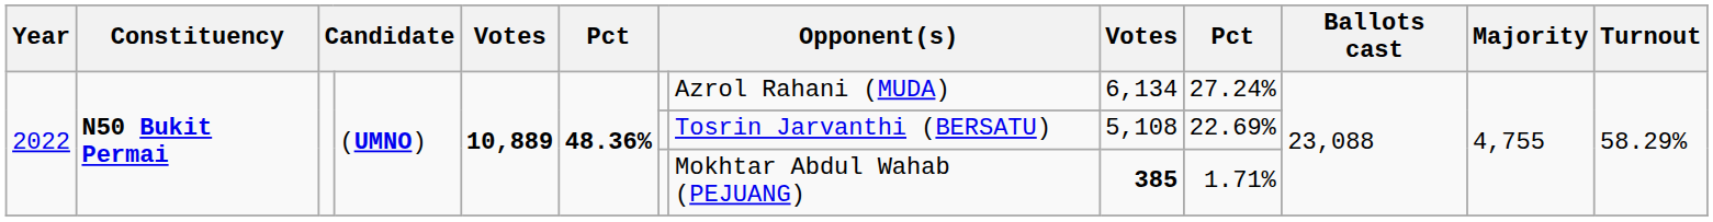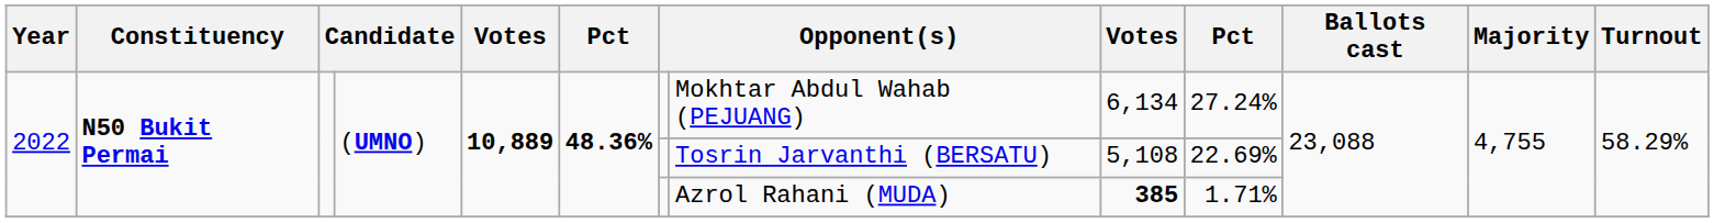 <table class="wikitable" style="margin:0.5em ; font-size:95%">
 <tr>
 <th>Year</th>
 <th>Constituency</th>
 <th colspan=2>Candidate</th>
 <th>Votes</th>
 <th>Pct</th>
 <th colspan=2>Opponent(s)</th>
 <th>Votes</th>
 <th>Pct</th>
 <th>Ballots cast</th>
 <th>Majority</th>
 <th>Turnout</th>
 </tr>
 <tr>
 <td rowspan=3><a href='#'>2022</a></td>
 <td rowspan=3><strong>N50 <a href='#'>Bukit Permai</a></strong></td>
 <td rowspan=3 ></td>
 <td rowspan=3> (<a href='#'><strong>UMNO</strong></a>)</td>
 <td rowspan=3 align="right"><strong>10,889</strong></td>
 <td rowspan=3><strong>48.36%</strong></td>
 <td></td>
-<td>Azrol Rahani (<a href='#'>MUDA</a>)</td>
+<td>Mokhtar Abdul Wahab (<a href='#'>PEJUANG</a>)</td>
 <td align="right">6,134</td>
 <td>27.24%</td>
 <td rowspan=3>23,088</td>
 <td rowspan=3>4,755</td>
 <td rowspan=3>58.29%</td>
 </tr>
 <tr>
 <td></td>
 <td><a href='#'>Tosrin Jarvanthi</a> (<a href='#'>BERSATU</a>)</td>
 <td align="right">5,108</td>
 <td>22.69%</td>
 </tr>
 <tr>
 <td></td>
-<td>Mokhtar Abdul Wahab (<a href='#'>PEJUANG</a>)</td>
+<td>Azrol Rahani (<a href='#'>MUDA</a>)</td>
 <td align="right"><strong>385</strong></td>
 <td align=right>1.71%</td>
 </tr>
 </table>
